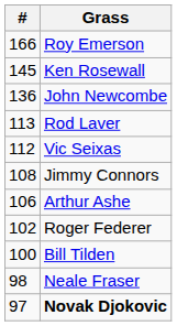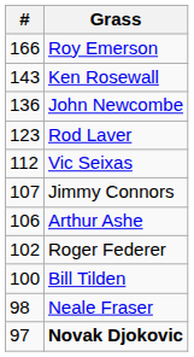 <table class=wikitable style="display:inline-table;">
 <tr>
 <th>#</th>
 <th>Grass</th>
 </tr>
 <tr>
 <td>166</td>
 <td> <a href='#'>Roy Emerson</a></td>
 </tr>
 <tr>
-<td>145</td>
+<td>143</td>
 <td> <a href='#'>Ken Rosewall</a></td>
 </tr>
 <tr>
 <td>136</td>
 <td> <a href='#'>John Newcombe</a></td>
 </tr>
 <tr>
-<td>113</td>
+<td>123</td>
 <td> <a href='#'>Rod Laver</a></td>
 </tr>
 <tr>
 <td>112</td>
 <td> <a href='#'>Vic Seixas</a></td>
 </tr>
 <tr>
-<td>108</td>
+<td>107</td>
 <td> Jimmy Connors</td>
 </tr>
 <tr>
 <td>106</td>
 <td> <a href='#'>Arthur Ashe</a></td>
 </tr>
 <tr>
 <td>102</td>
 <td> Roger Federer</td>
 </tr>
 <tr>
 <td>100</td>
 <td> <a href='#'>Bill Tilden</a></td>
 </tr>
 <tr>
 <td>98</td>
 <td> <a href='#'>Neale Fraser</a></td>
 </tr>
 <tr>
 <td>97</td>
 <td> <strong>Novak Djokovic</strong></td>
 </tr>
 </table>
